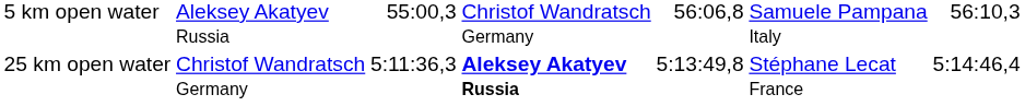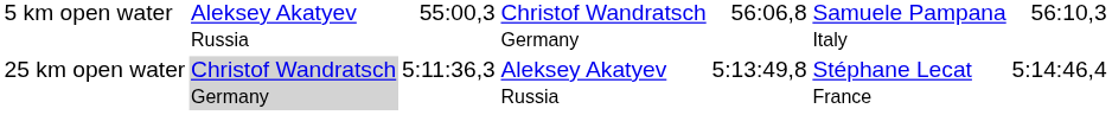 <table>
 <tr valign=top>
 <td>5 km open water</td>
 <td> <a href='#'>Aleksey Akatyev</a><br><small>Russia</small></td>
 <td align="right">55:00,3</td>
 <td> <a href='#'>Christof Wandratsch</a><br><small>Germany</small></td>
 <td align="right">56:06,8</td>
 <td> <a href='#'>Samuele Pampana</a><br><small>Italy</small></td>
 <td align="right">56:10,3</td>
 </tr>
 <tr valign=top>
 <td>25 km open water</td>
-<td> <a href='#'>Christof Wandratsch</a><br><small>Germany</small></td>
+<td style="background: lightgrey;"> <a href='#'>Christof Wandratsch</a><br><small>Germany</small></td>
 <td align="right">5:11:36,3</td>
-<td><strong> <a href='#'>Aleksey Akatyev</a><br><small>Russia</small></strong></td>
+<td> <a href='#'>Aleksey Akatyev</a><br><small>Russia</small></td>
 <td align="right">5:13:49,8</td>
 <td> <a href='#'>Stéphane Lecat</a><br><small>France</small></td>
 <td align="right">5:14:46,4</td>
 </tr>
 </table>
